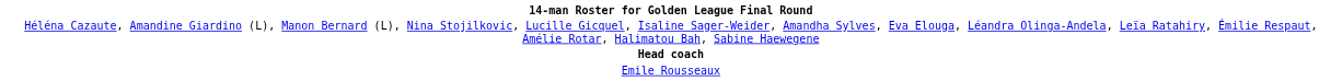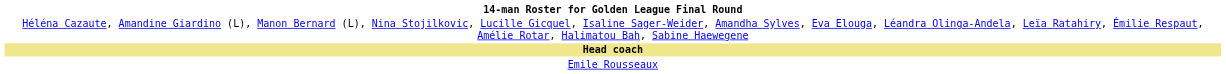 <table style="text-align:center; margin-top:2em; margin-left:auto; margin-right:auto">
 <tr>
 <td><strong>14-man Roster for Golden League Final Round</strong></td>
 </tr>
 <tr>
 <td><a href='#'>Héléna Cazaute</a>, <a href='#'>Amandine Giardino</a> (L), <a href='#'>Manon Bernard</a> (L), <a href='#'>Nina Stojilkovic</a>, <a href='#'>Lucille Gicquel</a>, <a href='#'>Isaline Sager-Weider</a>, <a href='#'>Amandha Sylves</a>, <a href='#'>Eva Elouga</a>, <a href='#'>Léandra Olinga-Andela</a>, <a href='#'>Leïa Ratahiry</a>, <a href='#'>Émilie Respaut</a>, <a href='#'>Amélie Rotar</a>, <a href='#'>Halimatou Bah</a>, <a href='#'>Sabine Haewegene</a></td>
 </tr>
 <tr>
-<td><strong>Head coach</strong></td>
+<td style="background: khaki;"><strong>Head coach</strong></td>
 </tr>
 <tr>
 <td><a href='#'>Emile Rousseaux</a></td>
 </tr>
 </table>
